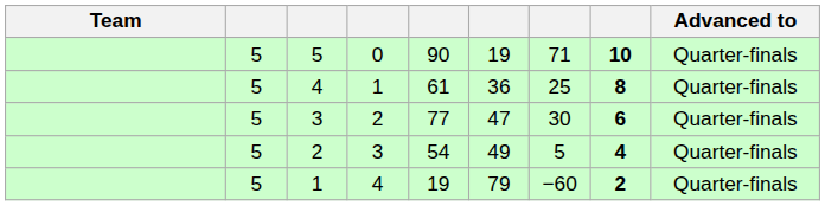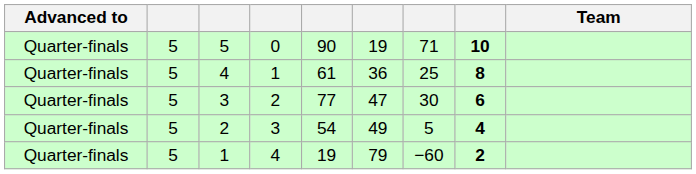 <table class="wikitable" style="text-align:center;">
 <tr>
-<th width=165>Team</th>
+<th width=125>Advanced to</th>
 <th width=40></th>
 <th width=40></th>
 <th width=40></th>
 <th width=40></th>
 <th width=40></th>
 <th width=40></th>
 <th width=40></th>
-<th width=125>Advanced to</th>
+<th width=165>Team</th>
 </tr>
 <tr style="background:#cfc">
-<td style="text-align:left;"></td>
+<td>Quarter-finals</td>
 <td>5</td>
 <td>5</td>
 <td>0</td>
 <td>90</td>
 <td>19</td>
 <td>71</td>
 <td><strong>10</strong></td>
-<td>Quarter-finals</td>
+<td style="text-align:left;"></td>
 </tr>
 <tr style="background:#cfc">
-<td style="text-align:left;"></td>
+<td>Quarter-finals</td>
 <td>5</td>
 <td>4</td>
 <td>1</td>
 <td>61</td>
 <td>36</td>
 <td>25</td>
 <td><strong>8</strong></td>
-<td>Quarter-finals</td>
+<td style="text-align:left;"></td>
 </tr>
 <tr style="background:#cfc">
-<td style="text-align:left;"></td>
+<td>Quarter-finals</td>
 <td>5</td>
 <td>3</td>
 <td>2</td>
 <td>77</td>
 <td>47</td>
 <td>30</td>
 <td><strong>6</strong></td>
-<td>Quarter-finals</td>
+<td style="text-align:left;"></td>
 </tr>
 <tr style="background:#cfc">
-<td style="text-align:left;"></td>
+<td>Quarter-finals</td>
 <td>5</td>
 <td>2</td>
 <td>3</td>
 <td>54</td>
 <td>49</td>
 <td>5</td>
 <td><strong>4</strong></td>
-<td>Quarter-finals</td>
+<td style="text-align:left;"></td>
 </tr>
 <tr style="background:#cfc">
-<td style="text-align:left;"></td>
+<td>Quarter-finals</td>
 <td>5</td>
 <td>1</td>
 <td>4</td>
 <td>19</td>
 <td>79</td>
 <td>−60</td>
 <td><strong>2</strong></td>
-<td>Quarter-finals</td>
+<td style="text-align:left;"></td>
 </tr>
 </table>
